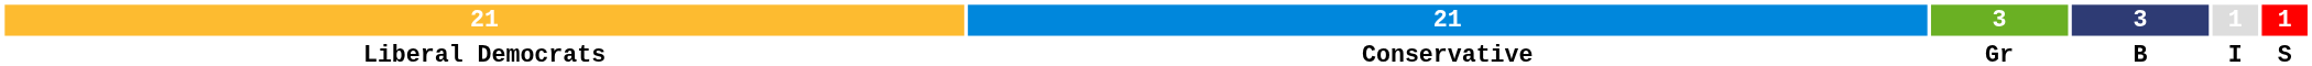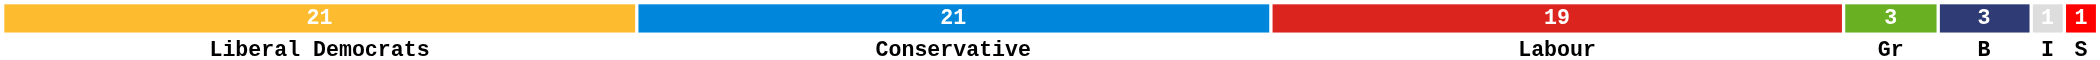 <table style="width:100%; text-align:center;">
 <tr style="color:white;">
 <td style="background:#FDBB30; width:30.43%;"><strong>21</strong></td>
 <td style="background:#0087DC; width:30.43%;"><strong>21</strong></td>
+<td style="background:#DC241F; width:27.54%;"><strong>19</strong></td>
 <td style="background:#6AB023; width:4.35%;"><strong>3</strong></td>
 <td style="background:#2E3B74; width:4.35%;"><strong>3</strong></td>
 <td style="background:#DDDDDD; width:1.45%;"><strong>1</strong></td>
 <td style="background:#FF0000; width:1.45%;"><strong>1</strong></td>
 </tr>
 <tr>
 <td><span><strong>Liberal Democrats</strong></span></td>
 <td><span><strong>Conservative</strong></span></td>
+<td><span><strong>Labour</strong></span></td>
 <td><span><strong>Gr</strong></span></td>
 <td><span><strong>B</strong></span></td>
 <td><span><strong>I</strong></span></td>
 <td><span><strong>S</strong></span></td>
 </tr>
 </table>
